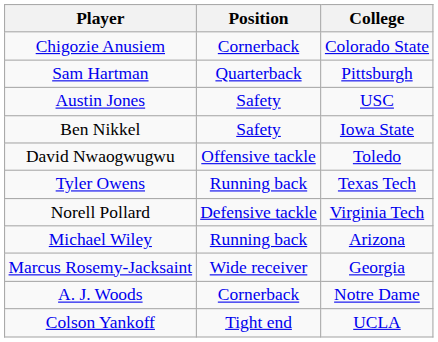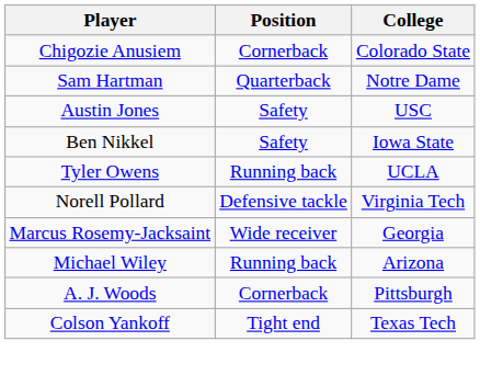 <table class="wikitable" style="text-align:center">
 <tr>
 <th>Player</th>
 <th>Position</th>
 <th>College</th>
 </tr>
 <tr>
 <td><a href='#'>Chigozie Anusiem</a></td>
 <td><a href='#'>Cornerback</a></td>
 <td><a href='#'>Colorado State</a></td>
 </tr>
 <tr>
 <td><a href='#'>Sam Hartman</a></td>
 <td><a href='#'>Quarterback</a></td>
-<td><a href='#'>Pittsburgh</a></td>
+<td><a href='#'>Notre Dame</a></td>
 </tr>
 <tr>
 <td><a href='#'>Austin Jones</a></td>
 <td><a href='#'>Safety</a></td>
 <td><a href='#'>USC</a></td>
 </tr>
 <tr>
 <td>Ben Nikkel</td>
 <td><a href='#'>Safety</a></td>
 <td><a href='#'>Iowa State</a></td>
 </tr>
 <tr>
-<td>David Nwaogwugwu</td>
-<td><a href='#'>Offensive tackle</a></td>
-<td><a href='#'>Toledo</a></td>
-</tr>
-<tr>
 <td><a href='#'>Tyler Owens</a></td>
 <td><a href='#'>Running back</a></td>
-<td><a href='#'>Texas Tech</a></td>
+<td><a href='#'>UCLA</a></td>
 </tr>
 <tr>
 <td>Norell Pollard</td>
 <td><a href='#'>Defensive tackle</a></td>
 <td><a href='#'>Virginia Tech</a></td>
 </tr>
 <tr>
+<td><a href='#'>Marcus Rosemy-Jacksaint</a></td>
+<td><a href='#'>Wide receiver</a></td>
+<td><a href='#'>Georgia</a></td>
+</tr>
+<tr>
 <td><a href='#'>Michael Wiley</a></td>
 <td><a href='#'>Running back</a></td>
 <td><a href='#'>Arizona</a></td>
 </tr>
 <tr>
-<td><a href='#'>Marcus Rosemy-Jacksaint</a></td>
-<td><a href='#'>Wide receiver</a></td>
-<td><a href='#'>Georgia</a></td>
-</tr>
-<tr>
 <td><a href='#'>A. J. Woods</a></td>
 <td><a href='#'>Cornerback</a></td>
-<td><a href='#'>Notre Dame</a></td>
+<td><a href='#'>Pittsburgh</a></td>
 </tr>
 <tr>
 <td><a href='#'>Colson Yankoff</a></td>
 <td><a href='#'>Tight end</a></td>
-<td><a href='#'>UCLA</a></td>
+<td><a href='#'>Texas Tech</a></td>
 </tr>
 </table>
